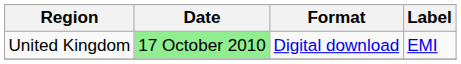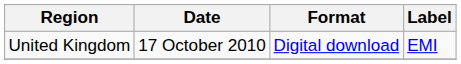 <table class="wikitable">
 <tr>
 <th>Region</th>
 <th>Date</th>
 <th>Format</th>
 <th>Label</th>
 </tr>
 <tr>
 <td>United Kingdom</td>
-<td style="background: lightgreen; text-align:left;">17 October 2010</td>
+<td style="text-align:left;">17 October 2010</td>
 <td><a href='#'>Digital download</a></td>
 <td><a href='#'>EMI</a></td>
 </tr>
 <tr>
 </tr>
 </table>
